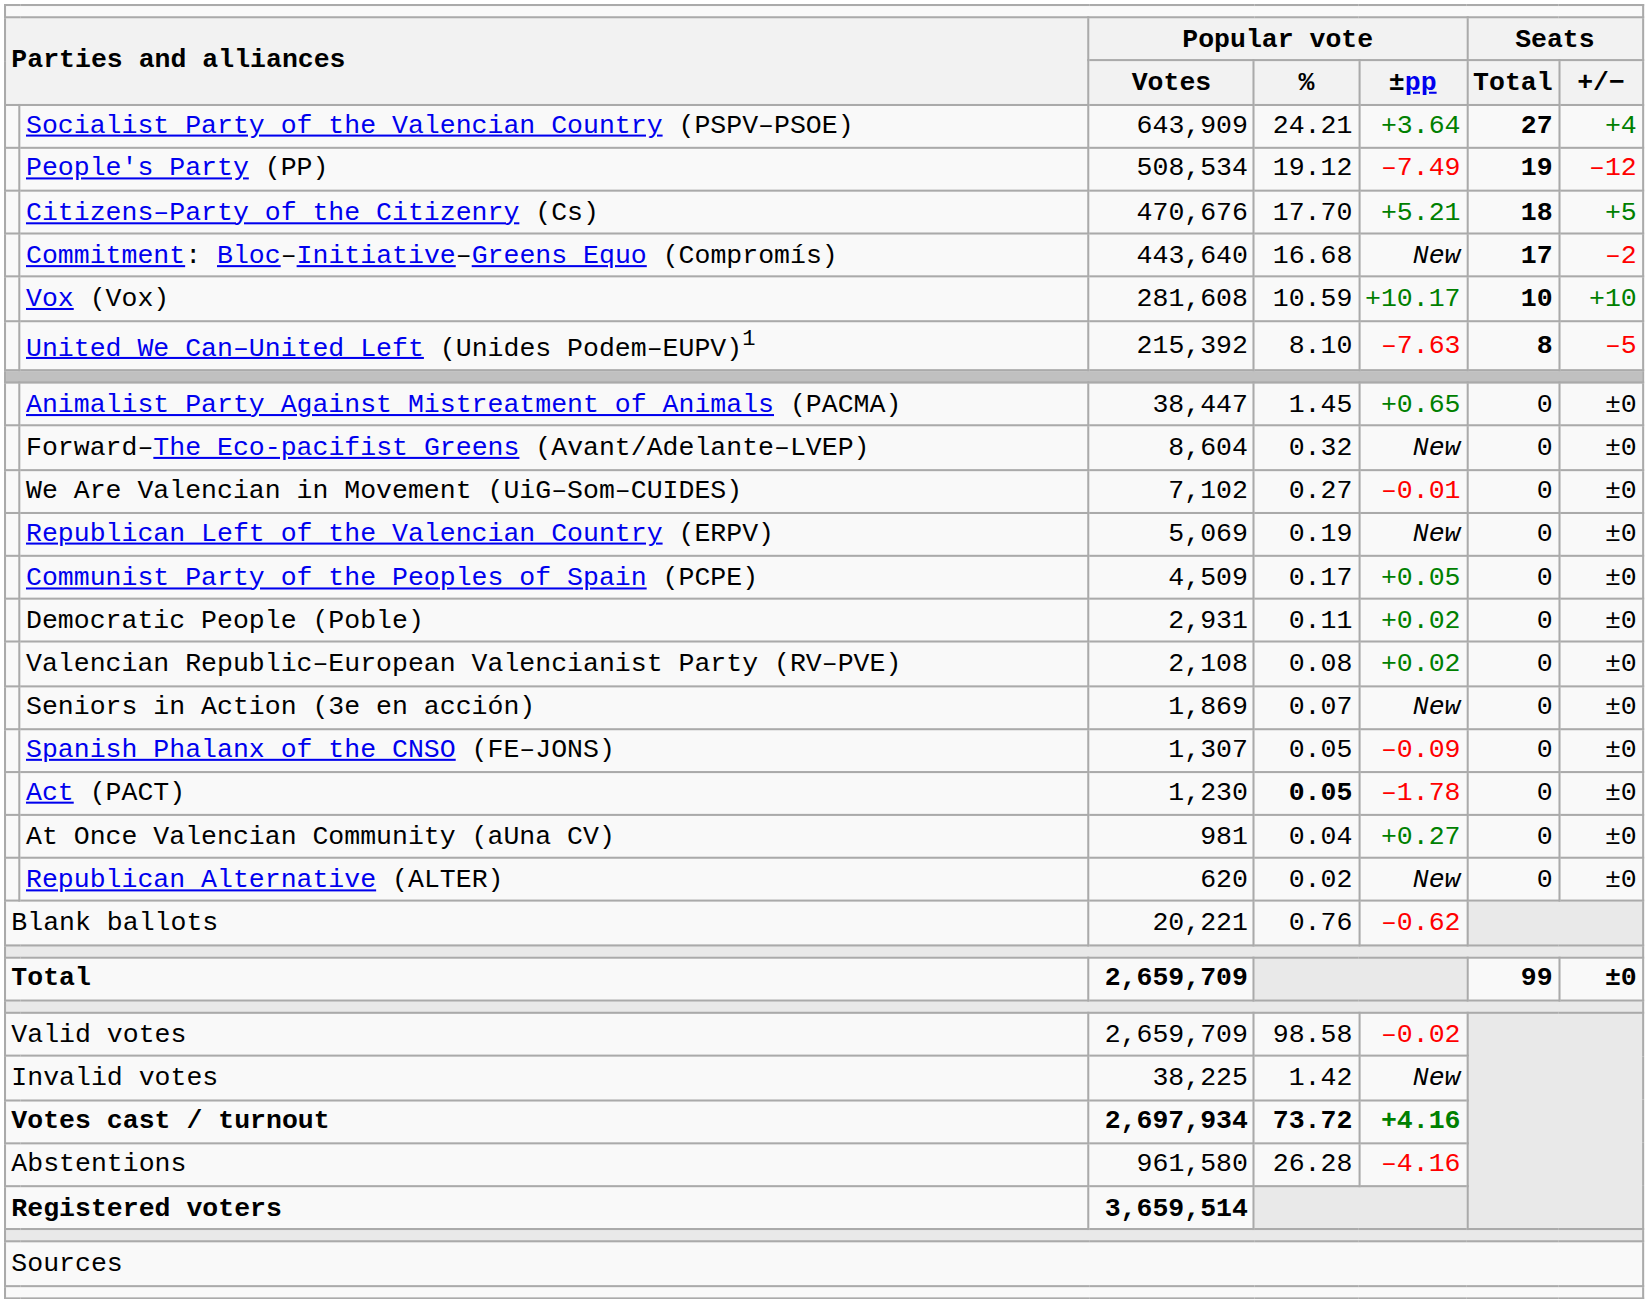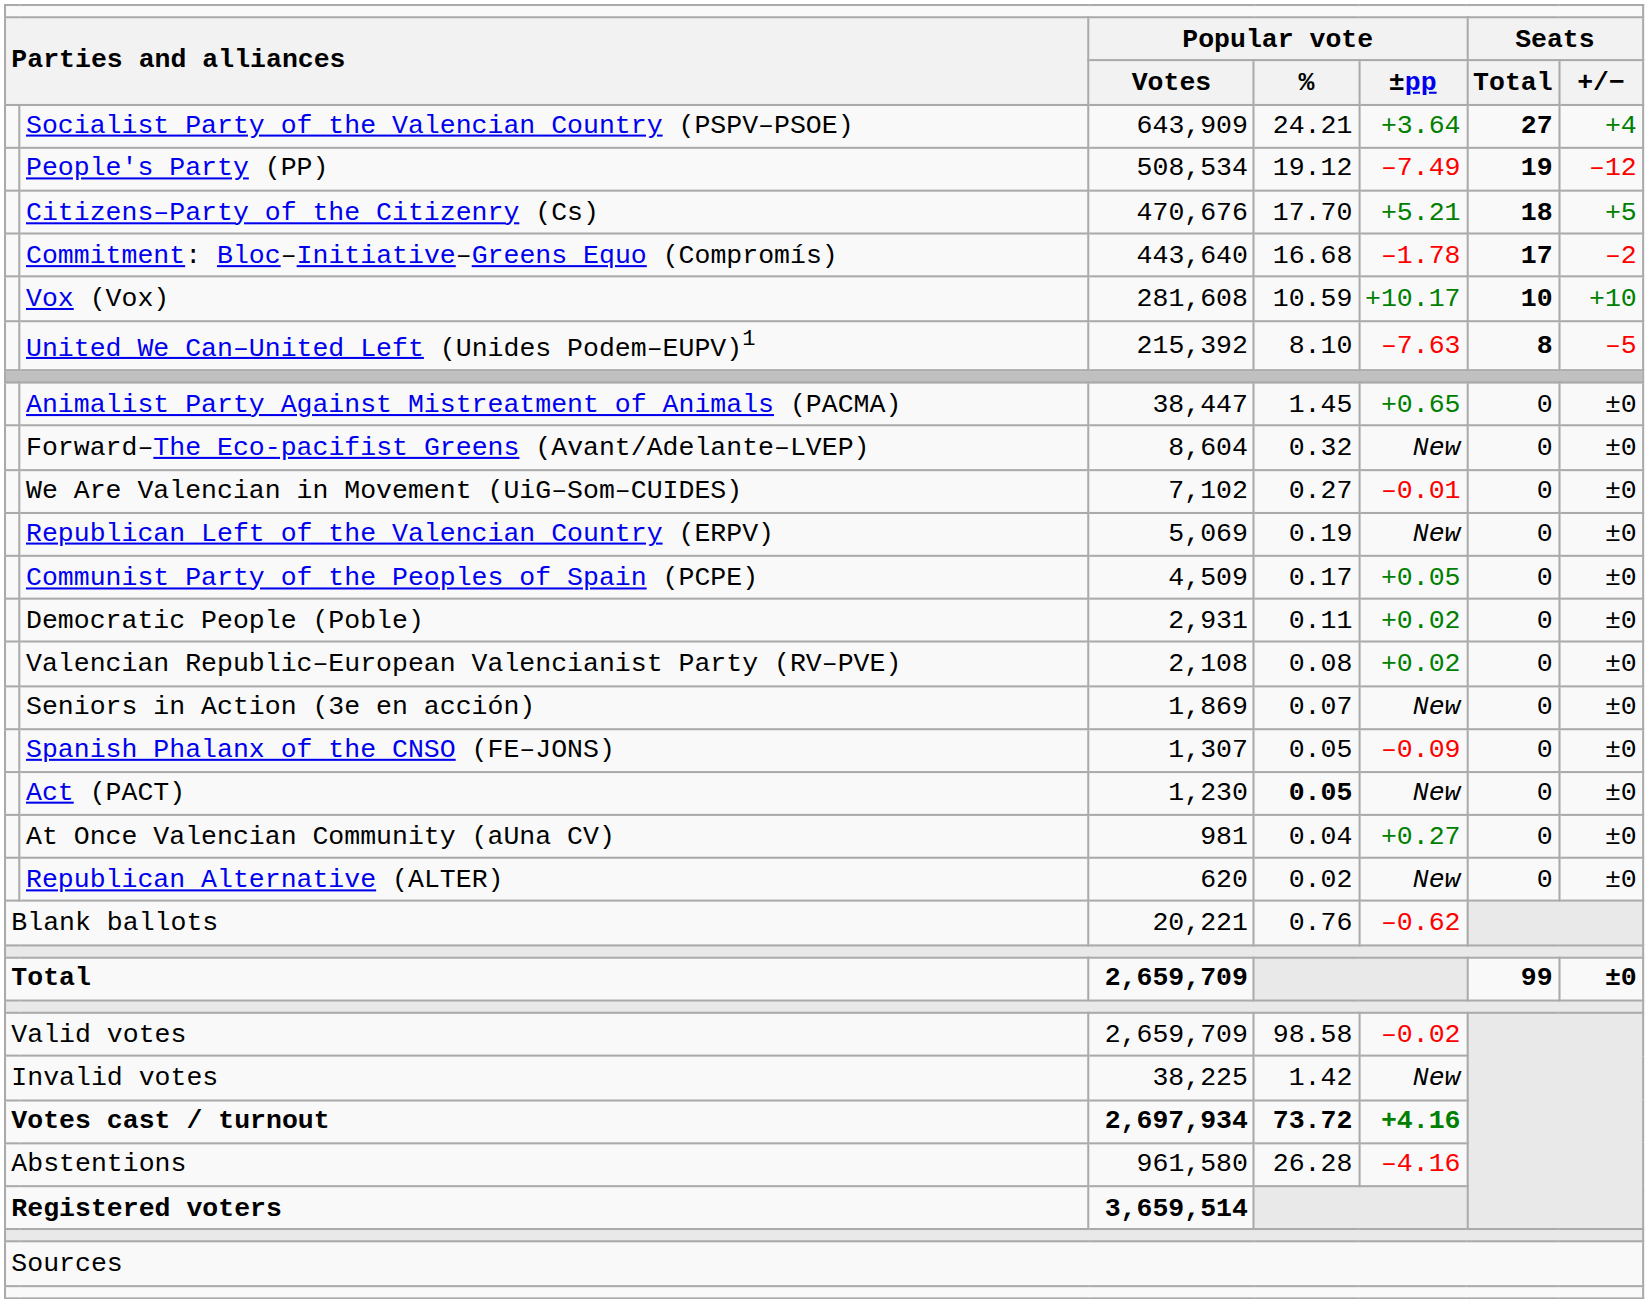 <table class="wikitable" style="text-align:right;">
 <tr>
 <td colspan="7"></td>
 </tr>
 <tr>
 <th style="text-align:left;" rowspan="2" colspan="2" width="525">Parties and alliances</th>
 <th colspan="3">Popular vote</th>
 <th colspan="2">Seats</th>
 </tr>
 <tr>
 <th width="75">Votes</th>
 <th width="45">%</th>
 <th width="45">±<a href='#'>pp</a></th>
 <th width="35">Total</th>
 <th width="35">+/−</th>
 </tr>
 <tr>
 <td width="1" style="color:inherit;background:"></td>
 <td align="left"><a href='#'>Socialist Party of the Valencian Country</a> (PSPV–PSOE)</td>
 <td>643,909</td>
 <td>24.21</td>
 <td style="color:green;">+3.64</td>
 <td><strong>27</strong></td>
 <td style="color:green;">+4</td>
 </tr>
 <tr>
 <td style="color:inherit;background:"></td>
 <td align="left"><a href='#'>People's Party</a> (PP)</td>
 <td>508,534</td>
 <td>19.12</td>
 <td style="color:red;">–7.49</td>
 <td><strong>19</strong></td>
 <td style="color:red;">–12</td>
 </tr>
 <tr>
 <td style="color:inherit;background:"></td>
 <td align="left"><a href='#'>Citizens–Party of the Citizenry</a> (Cs)</td>
 <td>470,676</td>
 <td>17.70</td>
 <td style="color:green;">+5.21</td>
 <td><strong>18</strong></td>
 <td style="color:green;">+5</td>
 </tr>
 <tr>
 <td style="color:inherit;background:"></td>
 <td align="left"><a href='#'>Commitment</a>: <a href='#'>Bloc</a>–<a href='#'>Initiative</a>–<a href='#'>Greens Equo</a> (Compromís)</td>
 <td>443,640</td>
 <td>16.68</td>
-<td><em>New</em></td>
+<td style="color:red;">–1.78</td>
 <td><strong>17</strong></td>
 <td style="color:red;">–2</td>
 </tr>
 <tr>
 <td style="color:inherit;background:"></td>
 <td align="left"><a href='#'>Vox</a> (Vox)</td>
 <td>281,608</td>
 <td>10.59</td>
 <td style="color:green;">+10.17</td>
 <td><strong>10</strong></td>
 <td style="color:green;">+10</td>
 </tr>
 <tr>
 <td style="color:inherit;background:"></td>
 <td align="left"><a href='#'>United We Can–United Left</a> (Unides Podem–EUPV)<sup>1</sup></td>
 <td>215,392</td>
 <td>8.10</td>
 <td style="color:red;">–7.63</td>
 <td><strong>8</strong></td>
 <td style="color:red;">–5</td>
 </tr>
 <tr>
 <td colspan="7" bgcolor="#C0C0C0"></td>
 </tr>
 <tr>
 <td style="color:inherit;background:"></td>
 <td align="left"><a href='#'>Animalist Party Against Mistreatment of Animals</a> (PACMA)</td>
 <td>38,447</td>
 <td>1.45</td>
 <td style="color:green;">+0.65</td>
 <td>0</td>
 <td>±0</td>
 </tr>
 <tr>
 <td style="color:inherit;background:"></td>
 <td align="left">Forward–<a href='#'>The Eco-pacifist Greens</a> (Avant/Adelante–LVEP)</td>
 <td>8,604</td>
 <td>0.32</td>
 <td><em>New</em></td>
 <td>0</td>
 <td>±0</td>
 </tr>
 <tr>
 <td style="color:inherit;background:"></td>
 <td align="left">We Are Valencian in Movement (UiG–Som–CUIDES)</td>
 <td>7,102</td>
 <td>0.27</td>
 <td style="color:red;">–0.01</td>
 <td>0</td>
 <td>±0</td>
 </tr>
 <tr>
 <td style="color:inherit;background:"></td>
 <td align="left"><a href='#'>Republican Left of the Valencian Country</a> (ERPV)</td>
 <td>5,069</td>
 <td>0.19</td>
 <td><em>New</em></td>
 <td>0</td>
 <td>±0</td>
 </tr>
 <tr>
 <td style="color:inherit;background:"></td>
 <td align="left"><a href='#'>Communist Party of the Peoples of Spain</a> (PCPE)</td>
 <td>4,509</td>
 <td>0.17</td>
 <td style="color:green;">+0.05</td>
 <td>0</td>
 <td>±0</td>
 </tr>
 <tr>
 <td style="color:inherit;background:"></td>
 <td align="left">Democratic People (Poble)</td>
 <td>2,931</td>
 <td>0.11</td>
 <td style="color:green;">+0.02</td>
 <td>0</td>
 <td>±0</td>
 </tr>
 <tr>
 <td style="color:inherit;background:"></td>
 <td align="left">Valencian Republic–European Valencianist Party (RV–PVE)</td>
 <td>2,108</td>
 <td>0.08</td>
 <td style="color:green;">+0.02</td>
 <td>0</td>
 <td>±0</td>
 </tr>
 <tr>
 <td style="color:inherit;background:"></td>
 <td align="left">Seniors in Action (3e en acción)</td>
 <td>1,869</td>
 <td>0.07</td>
 <td><em>New</em></td>
 <td>0</td>
 <td>±0</td>
 </tr>
 <tr>
 <td style="color:inherit;background:"></td>
 <td align="left"><a href='#'>Spanish Phalanx of the CNSO</a> (FE–JONS)</td>
 <td>1,307</td>
 <td>0.05</td>
 <td style="color:red;">–0.09</td>
 <td>0</td>
 <td>±0</td>
 </tr>
 <tr>
 <td style="color:inherit;background:"></td>
 <td align="left"><a href='#'>Act</a> (PACT)</td>
 <td>1,230</td>
 <td><strong>0.05</strong></td>
-<td style="color:red;">–1.78</td>
+<td><em>New</em></td>
 <td>0</td>
 <td>±0</td>
 </tr>
 <tr>
 <td style="color:inherit;background:"></td>
 <td align="left">At Once Valencian Community (aUna CV)</td>
 <td>981</td>
 <td>0.04</td>
 <td style="color:green;">+0.27</td>
 <td>0</td>
 <td>±0</td>
 </tr>
 <tr>
 <td style="color:inherit;background:"></td>
 <td align="left"><a href='#'>Republican Alternative</a> (ALTER)</td>
 <td>620</td>
 <td>0.02</td>
 <td><em>New</em></td>
 <td>0</td>
 <td>±0</td>
 </tr>
 <tr>
 <td align="left" colspan="2">Blank ballots</td>
 <td>20,221</td>
 <td>0.76</td>
 <td style="color:red;">–0.62</td>
 <td bgcolor="#E9E9E9" colspan="2"></td>
 </tr>
 <tr>
 <td colspan="7" bgcolor="#E9E9E9"></td>
 </tr>
 <tr style="font-weight:bold;">
 <td align="left" colspan="2">Total</td>
 <td>2,659,709</td>
 <td bgcolor="#E9E9E9" colspan="2"></td>
 <td>99</td>
 <td>±0</td>
 </tr>
 <tr>
 <td colspan="7" bgcolor="#E9E9E9"></td>
 </tr>
 <tr>
 <td align="left" colspan="2">Valid votes</td>
 <td>2,659,709</td>
 <td>98.58</td>
 <td style="color:red;">–0.02</td>
 <td bgcolor="#E9E9E9" colspan="2" rowspan="5"></td>
 </tr>
 <tr>
 <td align="left" colspan="2">Invalid votes</td>
 <td>38,225</td>
 <td>1.42</td>
 <td><em>New</em></td>
 </tr>
 <tr style="font-weight:bold;">
 <td align="left" colspan="2">Votes cast / turnout</td>
 <td>2,697,934</td>
 <td>73.72</td>
 <td style="color:green;">+4.16</td>
 </tr>
 <tr>
 <td align="left" colspan="2">Abstentions</td>
 <td>961,580</td>
 <td>26.28</td>
 <td style="color:red;">–4.16</td>
 </tr>
 <tr style="font-weight:bold;">
 <td align="left" colspan="2">Registered voters</td>
 <td>3,659,514</td>
 <td bgcolor="#E9E9E9" colspan="2"></td>
 </tr>
 <tr>
 <td colspan="7" bgcolor="#E9E9E9"></td>
 </tr>
 <tr>
 <td align="left" colspan="7">Sources</td>
 </tr>
 <tr>
 <td colspan="7" style="text-align:left; max-width:790px;"></td>
 </tr>
 </table>
